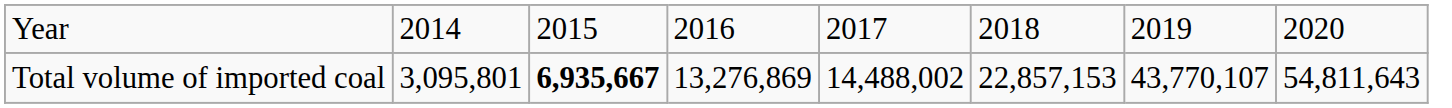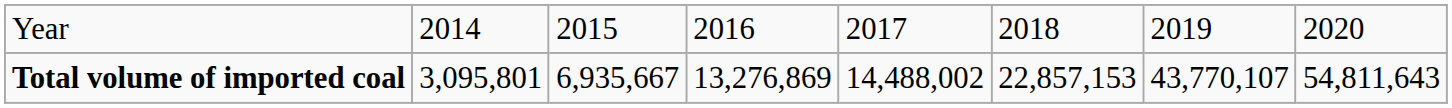 <table class="wikitable">
 <tr>
 <td>Year</td>
 <td>2014</td>
 <td>2015</td>
 <td>2016</td>
 <td>2017</td>
 <td>2018</td>
 <td>2019</td>
 <td>2020</td>
 </tr>
 <tr>
-<td>Total volume of imported coal</td>
+<td><strong>Total volume of imported coal</strong></td>
 <td>3,095,801</td>
-<td><strong>6,935,667</strong></td>
+<td>6,935,667</td>
 <td>13,276,869</td>
 <td>14,488,002</td>
 <td>22,857,153</td>
 <td>43,770,107</td>
 <td>54,811,643</td>
 </tr>
 </table>
